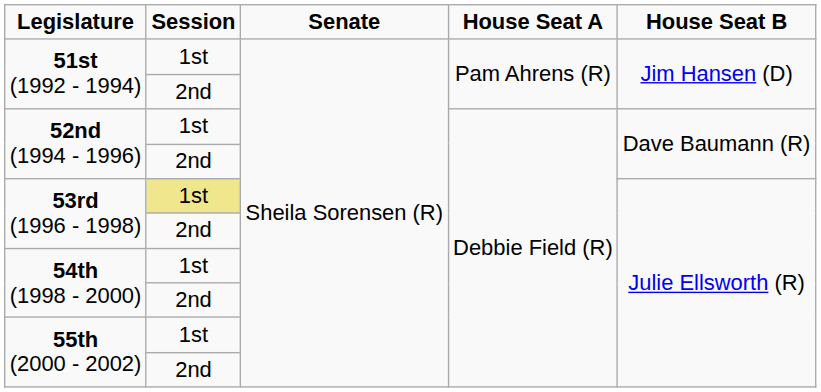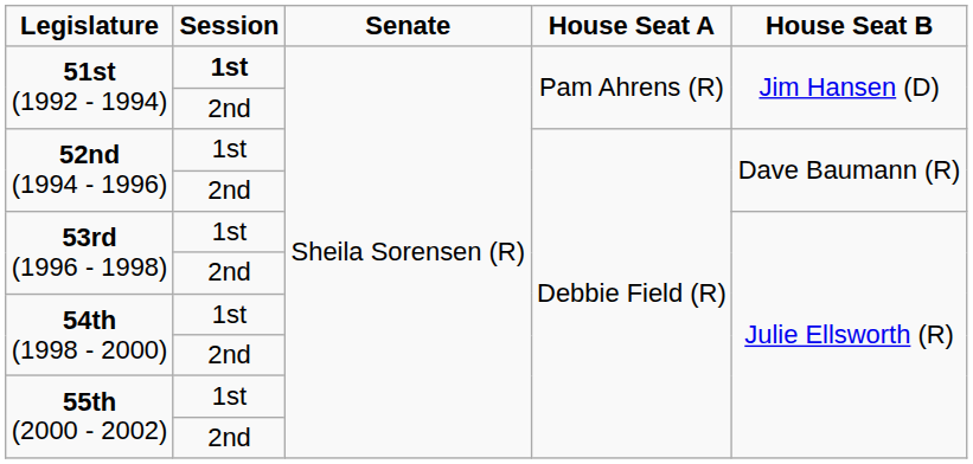 <table class=wikitable style="text-align:center">
 <tr>
 <td><strong>Legislature</strong></td>
 <td><strong>Session</strong></td>
 <td><strong>Senate</strong></td>
 <td><strong>House Seat A</strong></td>
 <td><strong>House Seat B</strong></td>
 </tr>
 <tr>
 <td rowspan="2" colspan="1" style="text-align: center;"><strong>51st</strong> <br> (1992 - 1994)</td>
-<td>1st</td>
+<td><strong>1st</strong></td>
 <td rowspan="10" colspan="1" style="text-align: center;" >Sheila Sorensen (R)</td>
 <td rowspan="2" colspan="1" style="text-align: center;" >Pam Ahrens (R)</td>
 <td rowspan="2" colspan="1" style="text-align: center;" ><a href='#'>Jim Hansen</a> (D)</td>
 </tr>
 <tr>
 <td>2nd</td>
 </tr>
 <tr>
 <td rowspan="2" colspan="1" style="text-align: center;"><strong>52nd</strong> <br> (1994 - 1996)</td>
 <td>1st</td>
 <td rowspan="8" colspan="1" style="text-align: center;" >Debbie Field (R)</td>
 <td rowspan="2" colspan="1" style="text-align: center;" >Dave Baumann (R)</td>
 </tr>
 <tr>
 <td>2nd</td>
 </tr>
 <tr>
 <td rowspan="2" colspan="1" style="text-align: center;"><strong>53rd</strong> <br> (1996 - 1998)</td>
-<td style="background: khaki;">1st</td>
+<td>1st</td>
 <td rowspan="6" colspan="1" style="text-align: center;" ><a href='#'>Julie Ellsworth</a> (R)</td>
 </tr>
 <tr>
 <td>2nd</td>
 </tr>
 <tr>
 <td rowspan="2" colspan="1" style="text-align: center;"><strong>54th</strong> <br> (1998 - 2000)</td>
 <td>1st</td>
 </tr>
 <tr>
 <td>2nd</td>
 </tr>
 <tr>
 <td rowspan="2" colspan="1" style="text-align: center;"><strong>55th</strong> <br> (2000 - 2002)</td>
 <td>1st</td>
 </tr>
 <tr>
 <td>2nd</td>
 </tr>
 </table>
